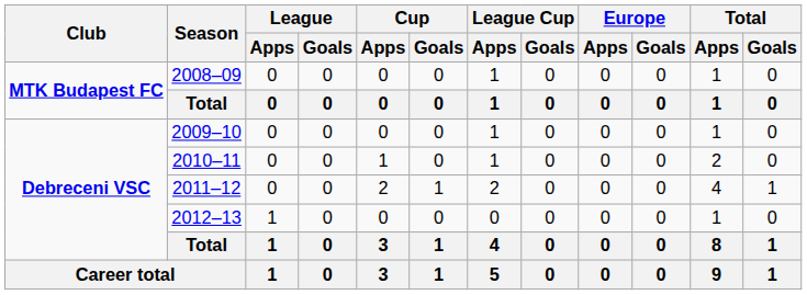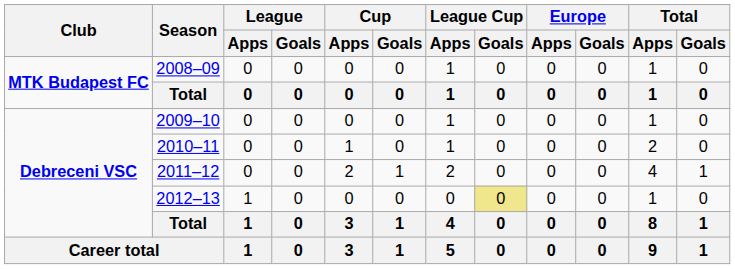 <table class="wikitable" style="text-align: center;">
 <tr>
 <th rowspan="2">Club</th>
 <th rowspan="2">Season</th>
 <th colspan="2">League</th>
 <th colspan="2">Cup</th>
 <th colspan="2">League Cup</th>
 <th colspan="2"><a href='#'>Europe</a></th>
 <th colspan="2">Total</th>
 </tr>
 <tr>
 <th>Apps</th>
 <th>Goals</th>
 <th>Apps</th>
 <th>Goals</th>
 <th>Apps</th>
 <th>Goals</th>
 <th>Apps</th>
 <th>Goals</th>
 <th>Apps</th>
 <th>Goals</th>
 </tr>
 <tr>
 <td rowspan="2"><strong><a href='#'>MTK Budapest FC</a></strong></td>
 <td><a href='#'>2008–09</a></td>
 <td>0</td>
 <td>0</td>
 <td>0</td>
 <td>0</td>
 <td>1</td>
 <td>0</td>
 <td>0</td>
 <td>0</td>
 <td>1</td>
 <td>0</td>
 </tr>
 <tr>
 <th>Total</th>
 <th>0</th>
 <th>0</th>
 <th>0</th>
 <th>0</th>
 <th>1</th>
 <th>0</th>
 <th>0</th>
 <th>0</th>
 <th>1</th>
 <th>0</th>
 </tr>
 <tr>
 <td rowspan="5"><strong><a href='#'>Debreceni VSC</a></strong></td>
 <td><a href='#'>2009–10</a></td>
 <td>0</td>
 <td>0</td>
 <td>0</td>
 <td>0</td>
 <td>1</td>
 <td>0</td>
 <td>0</td>
 <td>0</td>
 <td>1</td>
 <td>0</td>
 </tr>
 <tr>
 <td><a href='#'>2010–11</a></td>
 <td>0</td>
 <td>0</td>
 <td>1</td>
 <td>0</td>
 <td>1</td>
 <td>0</td>
 <td>0</td>
 <td>0</td>
 <td>2</td>
 <td>0</td>
 </tr>
 <tr>
 <td><a href='#'>2011–12</a></td>
 <td>0</td>
 <td>0</td>
 <td>2</td>
 <td>1</td>
 <td>2</td>
 <td>0</td>
 <td>0</td>
 <td>0</td>
 <td>4</td>
 <td>1</td>
 </tr>
 <tr>
 <td><a href='#'>2012–13</a></td>
 <td>1</td>
 <td>0</td>
 <td>0</td>
 <td>0</td>
 <td>0</td>
-<td>0</td>
+<td style="background: khaki;">0</td>
 <td>0</td>
 <td>0</td>
 <td>1</td>
 <td>0</td>
 </tr>
 <tr>
 <th>Total</th>
 <th>1</th>
 <th>0</th>
 <th>3</th>
 <th>1</th>
 <th>4</th>
 <th>0</th>
 <th>0</th>
 <th>0</th>
 <th>8</th>
 <th>1</th>
 </tr>
 <tr>
 <th colspan="2">Career total</th>
 <th>1</th>
 <th>0</th>
 <th>3</th>
 <th>1</th>
 <th>5</th>
 <th>0</th>
 <th>0</th>
 <th>0</th>
 <th>9</th>
 <th>1</th>
 </tr>
 </table>
